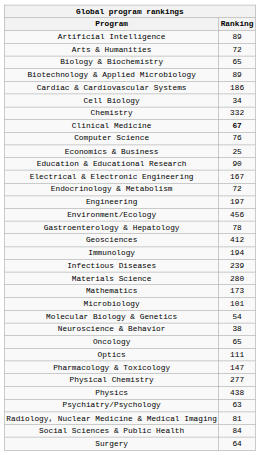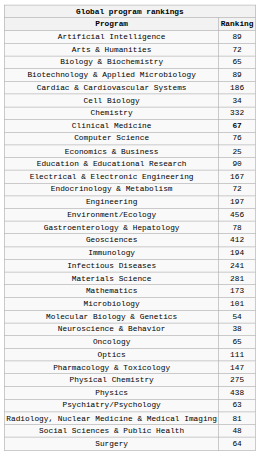 <table class="wikitable sortable collapsible collapsed" style="float:right; text-align:center">
 <tr>
 <th colspan=4>Global program rankings</th>
 </tr>
 <tr>
 <th>Program</th>
 <th>Ranking</th>
 </tr>
 <tr>
 <td>Artificial Intelligence</td>
 <td>89</td>
 </tr>
 <tr>
 <td>Arts & Humanities</td>
 <td>72</td>
 </tr>
 <tr>
 <td>Biology & Biochemistry</td>
 <td>65</td>
 </tr>
 <tr>
 <td>Biotechnology & Applied Microbiology</td>
 <td>89</td>
 </tr>
 <tr>
 <td>Cardiac & Cardiovascular Systems</td>
 <td>186</td>
 </tr>
 <tr>
 <td>Cell Biology</td>
 <td>34</td>
 </tr>
 <tr>
 <td>Chemistry</td>
 <td>332</td>
 </tr>
 <tr>
 <td>Clinical Medicine</td>
 <td><strong>67</strong></td>
 </tr>
 <tr>
 <td>Computer Science</td>
 <td>76</td>
 </tr>
 <tr>
 <td>Economics & Business</td>
 <td>25</td>
 </tr>
 <tr>
 <td>Education & Educational Research</td>
 <td>90</td>
 </tr>
 <tr>
 <td>Electrical & Electronic Engineering</td>
 <td>167</td>
 </tr>
 <tr>
 <td>Endocrinology & Metabolism</td>
 <td>72</td>
 </tr>
 <tr>
 <td>Engineering</td>
 <td>197</td>
 </tr>
 <tr>
 <td>Environment/Ecology</td>
 <td>456</td>
 </tr>
 <tr>
 <td>Gastroenterology & Hepatology</td>
 <td>78</td>
 </tr>
 <tr>
 <td>Geosciences</td>
 <td>412</td>
 </tr>
 <tr>
 <td>Immunology</td>
 <td>194</td>
 </tr>
 <tr>
 <td>Infectious Diseases</td>
-<td>239</td>
+<td>241</td>
 </tr>
 <tr>
 <td>Materials Science</td>
-<td>280</td>
+<td>281</td>
 </tr>
 <tr>
 <td>Mathematics</td>
 <td>173</td>
 </tr>
 <tr>
 <td>Microbiology</td>
 <td>101</td>
 </tr>
 <tr>
 <td>Molecular Biology & Genetics</td>
 <td>54</td>
 </tr>
 <tr>
 <td>Neuroscience & Behavior</td>
 <td>38</td>
 </tr>
 <tr>
 <td>Oncology</td>
 <td>65</td>
 </tr>
 <tr>
 <td>Optics</td>
 <td>111</td>
 </tr>
 <tr>
 <td>Pharmacology & Toxicology</td>
 <td>147</td>
 </tr>
 <tr>
 <td>Physical Chemistry</td>
-<td>277</td>
+<td>275</td>
 </tr>
 <tr>
 <td>Physics</td>
 <td>438</td>
 </tr>
 <tr>
 <td>Psychiatry/Psychology</td>
 <td>63</td>
 </tr>
 <tr>
 <td>Radiology, Nuclear Medicine & Medical Imaging</td>
 <td>81</td>
 </tr>
 <tr>
 <td>Social Sciences & Public Health</td>
-<td>84</td>
+<td>48</td>
 </tr>
 <tr>
 <td>Surgery</td>
 <td>64</td>
 </tr>
 </table>
